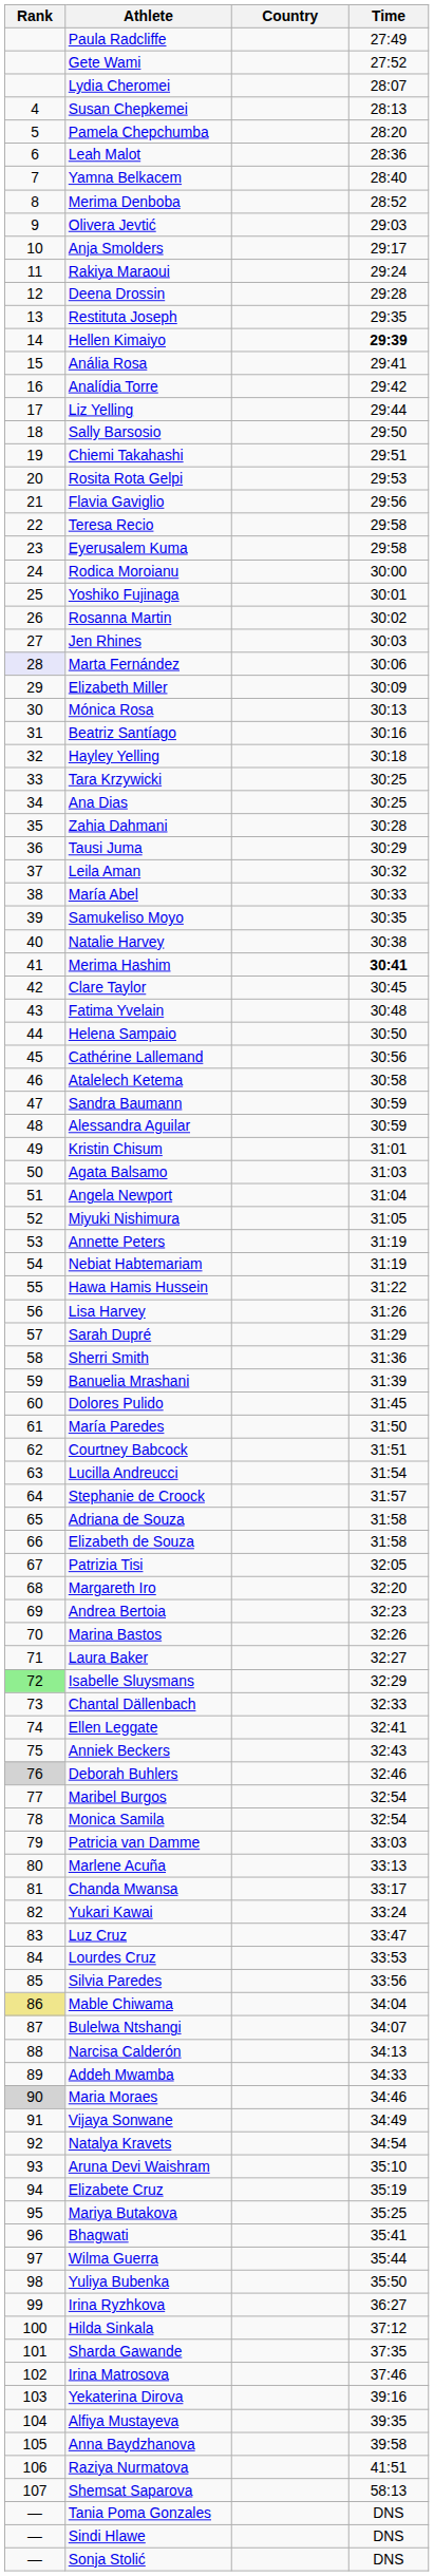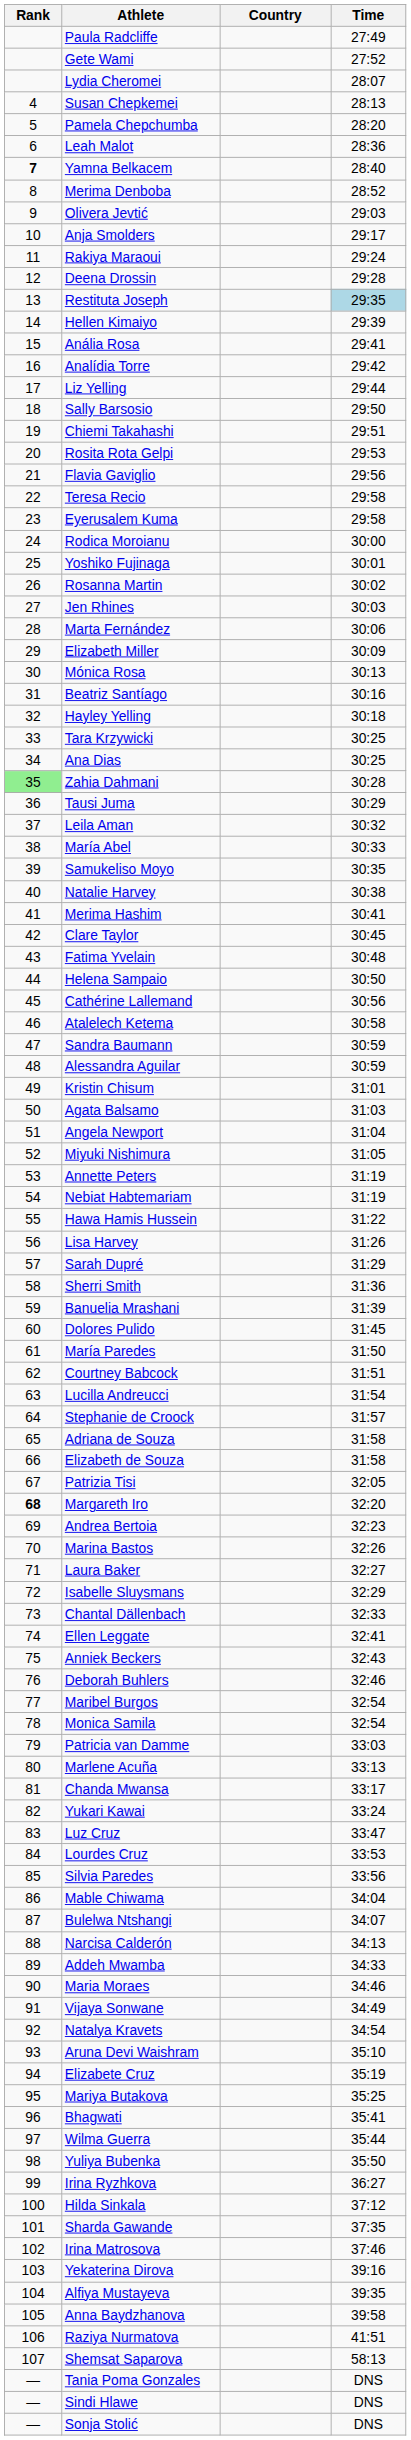 <table class="wikitable sortable" style=" text-align:center; font-size:95%;" width="50%">
 <tr>
 <th width=5%>Rank</th>
 <th width=20%>Athlete</th>
 <th width=15%>Country</th>
 <th width=10%>Time</th>
 </tr>
 <tr>
 <td align=center></td>
 <td align=left><a href='#'>Paula Radcliffe</a></td>
 <td align=left></td>
 <td>27:49</td>
 </tr>
 <tr>
 <td align=center></td>
 <td align=left><a href='#'>Gete Wami</a></td>
 <td align=left></td>
 <td>27:52</td>
 </tr>
 <tr>
 <td align=center></td>
 <td align=left><a href='#'>Lydia Cheromei</a></td>
 <td align=left></td>
 <td>28:07</td>
 </tr>
 <tr>
 <td align=center>4</td>
 <td align=left><a href='#'>Susan Chepkemei</a></td>
 <td align=left></td>
 <td>28:13</td>
 </tr>
 <tr>
 <td align=center>5</td>
 <td align=left><a href='#'>Pamela Chepchumba</a></td>
 <td align=left></td>
 <td>28:20</td>
 </tr>
 <tr>
 <td align=center>6</td>
 <td align=left><a href='#'>Leah Malot</a></td>
 <td align=left></td>
 <td>28:36</td>
 </tr>
 <tr>
-<td align=center>7</td>
+<td align=center><strong>7</strong></td>
 <td align=left><a href='#'>Yamna Belkacem</a></td>
 <td align=left></td>
 <td>28:40</td>
 </tr>
 <tr>
 <td align=center>8</td>
 <td align=left><a href='#'>Merima Denboba</a></td>
 <td align=left></td>
 <td>28:52</td>
 </tr>
 <tr>
 <td align=center>9</td>
 <td align=left><a href='#'>Olivera Jevtić</a></td>
 <td align=left></td>
 <td>29:03</td>
 </tr>
 <tr>
 <td align=center>10</td>
 <td align=left><a href='#'>Anja Smolders</a></td>
 <td align=left></td>
 <td>29:17</td>
 </tr>
 <tr>
 <td align=center>11</td>
 <td align=left><a href='#'>Rakiya Maraoui</a></td>
 <td align=left></td>
 <td>29:24</td>
 </tr>
 <tr>
 <td align=center>12</td>
 <td align=left><a href='#'>Deena Drossin</a></td>
 <td align=left></td>
 <td>29:28</td>
 </tr>
 <tr>
 <td align=center>13</td>
 <td align=left><a href='#'>Restituta Joseph</a></td>
 <td align=left></td>
-<td>29:35</td>
+<td style="background: lightblue;">29:35</td>
 </tr>
 <tr>
 <td align=center>14</td>
 <td align=left><a href='#'>Hellen Kimaiyo</a></td>
 <td align=left></td>
-<td><strong>29:39</strong></td>
+<td>29:39</td>
 </tr>
 <tr>
 <td align=center>15</td>
 <td align=left><a href='#'>Anália Rosa</a></td>
 <td align=left></td>
 <td>29:41</td>
 </tr>
 <tr>
 <td align=center>16</td>
 <td align=left><a href='#'>Analídia Torre</a></td>
 <td align=left></td>
 <td>29:42</td>
 </tr>
 <tr>
 <td align=center>17</td>
 <td align=left><a href='#'>Liz Yelling</a></td>
 <td align=left></td>
 <td>29:44</td>
 </tr>
 <tr>
 <td align=center>18</td>
 <td align=left><a href='#'>Sally Barsosio</a></td>
 <td align=left></td>
 <td>29:50</td>
 </tr>
 <tr>
 <td align=center>19</td>
 <td align=left><a href='#'>Chiemi Takahashi</a></td>
 <td align=left></td>
 <td>29:51</td>
 </tr>
 <tr>
 <td align=center>20</td>
 <td align=left><a href='#'>Rosita Rota Gelpi</a></td>
 <td align=left></td>
 <td>29:53</td>
 </tr>
 <tr>
 <td align=center>21</td>
 <td align=left><a href='#'>Flavia Gaviglio</a></td>
 <td align=left></td>
 <td>29:56</td>
 </tr>
 <tr>
 <td align=center>22</td>
 <td align=left><a href='#'>Teresa Recio</a></td>
 <td align=left></td>
 <td>29:58</td>
 </tr>
 <tr>
 <td align=center>23</td>
 <td align=left><a href='#'>Eyerusalem Kuma</a></td>
 <td align=left></td>
 <td>29:58</td>
 </tr>
 <tr>
 <td align=center>24</td>
 <td align=left><a href='#'>Rodica Moroianu</a></td>
 <td align=left></td>
 <td>30:00</td>
 </tr>
 <tr>
 <td align=center>25</td>
 <td align=left><a href='#'>Yoshiko Fujinaga</a></td>
 <td align=left></td>
 <td>30:01</td>
 </tr>
 <tr>
 <td align=center>26</td>
 <td align=left><a href='#'>Rosanna Martin</a></td>
 <td align=left></td>
 <td>30:02</td>
 </tr>
 <tr>
 <td align=center>27</td>
 <td align=left><a href='#'>Jen Rhines</a></td>
 <td align=left></td>
 <td>30:03</td>
 </tr>
 <tr>
-<td align=center style="background: lavender;">28</td>
+<td align=center>28</td>
 <td align=left><a href='#'>Marta Fernández</a></td>
 <td align=left></td>
 <td>30:06</td>
 </tr>
 <tr>
 <td align=center>29</td>
 <td align=left><a href='#'>Elizabeth Miller</a></td>
 <td align=left></td>
 <td>30:09</td>
 </tr>
 <tr>
 <td align=center>30</td>
 <td align=left><a href='#'>Mónica Rosa</a></td>
 <td align=left></td>
 <td>30:13</td>
 </tr>
 <tr>
 <td align=center>31</td>
 <td align=left><a href='#'>Beatriz Santíago</a></td>
 <td align=left></td>
 <td>30:16</td>
 </tr>
 <tr>
 <td align=center>32</td>
 <td align=left><a href='#'>Hayley Yelling</a></td>
 <td align=left></td>
 <td>30:18</td>
 </tr>
 <tr>
 <td align=center>33</td>
 <td align=left><a href='#'>Tara Krzywicki</a></td>
 <td align=left></td>
 <td>30:25</td>
 </tr>
 <tr>
 <td align=center>34</td>
 <td align=left><a href='#'>Ana Dias</a></td>
 <td align=left></td>
 <td>30:25</td>
 </tr>
 <tr>
-<td align=center>35</td>
+<td align=center style="background: lightgreen;">35</td>
 <td align=left><a href='#'>Zahia Dahmani</a></td>
 <td align=left></td>
 <td>30:28</td>
 </tr>
 <tr>
 <td align=center>36</td>
 <td align=left><a href='#'>Tausi Juma</a></td>
 <td align=left></td>
 <td>30:29</td>
 </tr>
 <tr>
 <td align=center>37</td>
 <td align=left><a href='#'>Leila Aman</a></td>
 <td align=left></td>
 <td>30:32</td>
 </tr>
 <tr>
 <td align=center>38</td>
 <td align=left><a href='#'>María Abel</a></td>
 <td align=left></td>
 <td>30:33</td>
 </tr>
 <tr>
 <td align=center>39</td>
 <td align=left><a href='#'>Samukeliso Moyo</a></td>
 <td align=left></td>
 <td>30:35</td>
 </tr>
 <tr>
 <td align=center>40</td>
 <td align=left><a href='#'>Natalie Harvey</a></td>
 <td align=left></td>
 <td>30:38</td>
 </tr>
 <tr>
 <td align=center>41</td>
 <td align=left><a href='#'>Merima Hashim</a></td>
 <td align=left></td>
-<td><strong>30:41</strong></td>
+<td>30:41</td>
 </tr>
 <tr>
 <td align=center>42</td>
 <td align=left><a href='#'>Clare Taylor</a></td>
 <td align=left></td>
 <td>30:45</td>
 </tr>
 <tr>
 <td align=center>43</td>
 <td align=left><a href='#'>Fatima Yvelain</a></td>
 <td align=left></td>
 <td>30:48</td>
 </tr>
 <tr>
 <td align=center>44</td>
 <td align=left><a href='#'>Helena Sampaio</a></td>
 <td align=left></td>
 <td>30:50</td>
 </tr>
 <tr>
 <td align=center>45</td>
 <td align=left><a href='#'>Cathérine Lallemand</a></td>
 <td align=left></td>
 <td>30:56</td>
 </tr>
 <tr>
 <td align=center>46</td>
 <td align=left><a href='#'>Atalelech Ketema</a></td>
 <td align=left></td>
 <td>30:58</td>
 </tr>
 <tr>
 <td align=center>47</td>
 <td align=left><a href='#'>Sandra Baumann</a></td>
 <td align=left></td>
 <td>30:59</td>
 </tr>
 <tr>
 <td align=center>48</td>
 <td align=left><a href='#'>Alessandra Aguilar</a></td>
 <td align=left></td>
 <td>30:59</td>
 </tr>
 <tr>
 <td align=center>49</td>
 <td align=left><a href='#'>Kristin Chisum</a></td>
 <td align=left></td>
 <td>31:01</td>
 </tr>
 <tr>
 <td align=center>50</td>
 <td align=left><a href='#'>Agata Balsamo</a></td>
 <td align=left></td>
 <td>31:03</td>
 </tr>
 <tr>
 <td align=center>51</td>
 <td align=left><a href='#'>Angela Newport</a></td>
 <td align=left></td>
 <td>31:04</td>
 </tr>
 <tr>
 <td align=center>52</td>
 <td align=left><a href='#'>Miyuki Nishimura</a></td>
 <td align=left></td>
 <td>31:05</td>
 </tr>
 <tr>
 <td align=center>53</td>
 <td align=left><a href='#'>Annette Peters</a></td>
 <td align=left></td>
 <td>31:19</td>
 </tr>
 <tr>
 <td align=center>54</td>
 <td align=left><a href='#'>Nebiat Habtemariam</a></td>
 <td align=left></td>
 <td>31:19</td>
 </tr>
 <tr>
 <td align=center>55</td>
 <td align=left><a href='#'>Hawa Hamis Hussein</a></td>
 <td align=left></td>
 <td>31:22</td>
 </tr>
 <tr>
 <td align=center>56</td>
 <td align=left><a href='#'>Lisa Harvey</a></td>
 <td align=left></td>
 <td>31:26</td>
 </tr>
 <tr>
 <td align=center>57</td>
 <td align=left><a href='#'>Sarah Dupré</a></td>
 <td align=left></td>
 <td>31:29</td>
 </tr>
 <tr>
 <td align=center>58</td>
 <td align=left><a href='#'>Sherri Smith</a></td>
 <td align=left></td>
 <td>31:36</td>
 </tr>
 <tr>
 <td align=center>59</td>
 <td align=left><a href='#'>Banuelia Mrashani</a></td>
 <td align=left></td>
 <td>31:39</td>
 </tr>
 <tr>
 <td align=center>60</td>
 <td align=left><a href='#'>Dolores Pulido</a></td>
 <td align=left></td>
 <td>31:45</td>
 </tr>
 <tr>
 <td align=center>61</td>
 <td align=left><a href='#'>María Paredes</a></td>
 <td align=left></td>
 <td>31:50</td>
 </tr>
 <tr>
 <td align=center>62</td>
 <td align=left><a href='#'>Courtney Babcock</a></td>
 <td align=left></td>
 <td>31:51</td>
 </tr>
 <tr>
 <td align=center>63</td>
 <td align=left><a href='#'>Lucilla Andreucci</a></td>
 <td align=left></td>
 <td>31:54</td>
 </tr>
 <tr>
 <td align=center>64</td>
 <td align=left><a href='#'>Stephanie de Croock</a></td>
 <td align=left></td>
 <td>31:57</td>
 </tr>
 <tr>
 <td align=center>65</td>
 <td align=left><a href='#'>Adriana de Souza</a></td>
 <td align=left></td>
 <td>31:58</td>
 </tr>
 <tr>
 <td align=center>66</td>
 <td align=left><a href='#'>Elizabeth de Souza</a></td>
 <td align=left></td>
 <td>31:58</td>
 </tr>
 <tr>
 <td align=center>67</td>
 <td align=left><a href='#'>Patrizia Tisi</a></td>
 <td align=left></td>
 <td>32:05</td>
 </tr>
 <tr>
-<td align=center>68</td>
+<td align=center><strong>68</strong></td>
 <td align=left><a href='#'>Margareth Iro</a></td>
 <td align=left></td>
 <td>32:20</td>
 </tr>
 <tr>
 <td align=center>69</td>
 <td align=left><a href='#'>Andrea Bertoia</a></td>
 <td align=left></td>
 <td>32:23</td>
 </tr>
 <tr>
 <td align=center>70</td>
 <td align=left><a href='#'>Marina Bastos</a></td>
 <td align=left></td>
 <td>32:26</td>
 </tr>
 <tr>
 <td align=center>71</td>
 <td align=left><a href='#'>Laura Baker</a></td>
 <td align=left></td>
 <td>32:27</td>
 </tr>
 <tr>
-<td align=center style="background: lightgreen;">72</td>
+<td align=center>72</td>
 <td align=left><a href='#'>Isabelle Sluysmans</a></td>
 <td align=left></td>
 <td>32:29</td>
 </tr>
 <tr>
 <td align=center>73</td>
 <td align=left><a href='#'>Chantal Dällenbach</a></td>
 <td align=left></td>
 <td>32:33</td>
 </tr>
 <tr>
 <td align=center>74</td>
 <td align=left><a href='#'>Ellen Leggate</a></td>
 <td align=left></td>
 <td>32:41</td>
 </tr>
 <tr>
 <td align=center>75</td>
 <td align=left><a href='#'>Anniek Beckers</a></td>
 <td align=left></td>
 <td>32:43</td>
 </tr>
 <tr>
-<td align=center style="background: lightgrey;">76</td>
+<td align=center>76</td>
 <td align=left><a href='#'>Deborah Buhlers</a></td>
 <td align=left></td>
 <td>32:46</td>
 </tr>
 <tr>
 <td align=center>77</td>
 <td align=left><a href='#'>Maribel Burgos</a></td>
 <td align=left></td>
 <td>32:54</td>
 </tr>
 <tr>
 <td align=center>78</td>
 <td align=left><a href='#'>Monica Samila</a></td>
 <td align=left></td>
 <td>32:54</td>
 </tr>
 <tr>
 <td align=center>79</td>
 <td align=left><a href='#'>Patricia van Damme</a></td>
 <td align=left></td>
 <td>33:03</td>
 </tr>
 <tr>
 <td align=center>80</td>
 <td align=left><a href='#'>Marlene Acuña</a></td>
 <td align=left></td>
 <td>33:13</td>
 </tr>
 <tr>
 <td align=center>81</td>
 <td align=left><a href='#'>Chanda Mwansa</a></td>
 <td align=left></td>
 <td>33:17</td>
 </tr>
 <tr>
 <td align=center>82</td>
 <td align=left><a href='#'>Yukari Kawai</a></td>
 <td align=left></td>
 <td>33:24</td>
 </tr>
 <tr>
 <td align=center>83</td>
 <td align=left><a href='#'>Luz Cruz</a></td>
 <td align=left></td>
 <td>33:47</td>
 </tr>
 <tr>
 <td align=center>84</td>
 <td align=left><a href='#'>Lourdes Cruz</a></td>
 <td align=left></td>
 <td>33:53</td>
 </tr>
 <tr>
 <td align=center>85</td>
 <td align=left><a href='#'>Silvia Paredes</a></td>
 <td align=left></td>
 <td>33:56</td>
 </tr>
 <tr>
-<td align=center style="background: khaki;">86</td>
+<td align=center>86</td>
 <td align=left><a href='#'>Mable Chiwama</a></td>
 <td align=left></td>
 <td>34:04</td>
 </tr>
 <tr>
 <td align=center>87</td>
 <td align=left><a href='#'>Bulelwa Ntshangi</a></td>
 <td align=left></td>
 <td>34:07</td>
 </tr>
 <tr>
 <td align=center>88</td>
 <td align=left><a href='#'>Narcisa Calderón</a></td>
 <td align=left></td>
 <td>34:13</td>
 </tr>
 <tr>
 <td align=center>89</td>
 <td align=left><a href='#'>Addeh Mwamba</a></td>
 <td align=left></td>
 <td>34:33</td>
 </tr>
 <tr>
-<td align=center style="background: lightgrey;">90</td>
+<td align=center>90</td>
 <td align=left><a href='#'>Maria Moraes</a></td>
 <td align=left></td>
 <td>34:46</td>
 </tr>
 <tr>
 <td align=center>91</td>
 <td align=left><a href='#'>Vijaya Sonwane</a></td>
 <td align=left></td>
 <td>34:49</td>
 </tr>
 <tr>
 <td align=center>92</td>
 <td align=left><a href='#'>Natalya Kravets</a></td>
 <td align=left></td>
 <td>34:54</td>
 </tr>
 <tr>
 <td align=center>93</td>
 <td align=left><a href='#'>Aruna Devi Waishram</a></td>
 <td align=left></td>
 <td>35:10</td>
 </tr>
 <tr>
 <td align=center>94</td>
 <td align=left><a href='#'>Elizabete Cruz</a></td>
 <td align=left></td>
 <td>35:19</td>
 </tr>
 <tr>
 <td align=center>95</td>
 <td align=left><a href='#'>Mariya Butakova</a></td>
 <td align=left></td>
 <td>35:25</td>
 </tr>
 <tr>
 <td align=center>96</td>
 <td align=left><a href='#'>Bhagwati</a></td>
 <td align=left></td>
 <td>35:41</td>
 </tr>
 <tr>
 <td align=center>97</td>
 <td align=left><a href='#'>Wilma Guerra</a></td>
 <td align=left></td>
 <td>35:44</td>
 </tr>
 <tr>
 <td align=center>98</td>
 <td align=left><a href='#'>Yuliya Bubenka</a></td>
 <td align=left></td>
 <td>35:50</td>
 </tr>
 <tr>
 <td align=center>99</td>
 <td align=left><a href='#'>Irina Ryzhkova</a></td>
 <td align=left></td>
 <td>36:27</td>
 </tr>
 <tr>
 <td align=center>100</td>
 <td align=left><a href='#'>Hilda Sinkala</a></td>
 <td align=left></td>
 <td>37:12</td>
 </tr>
 <tr>
 <td align=center>101</td>
 <td align=left><a href='#'>Sharda Gawande</a></td>
 <td align=left></td>
 <td>37:35</td>
 </tr>
 <tr>
 <td align=center>102</td>
 <td align=left><a href='#'>Irina Matrosova</a></td>
 <td align=left></td>
 <td>37:46</td>
 </tr>
 <tr>
 <td align=center>103</td>
 <td align=left><a href='#'>Yekaterina Dirova</a></td>
 <td align=left></td>
 <td>39:16</td>
 </tr>
 <tr>
 <td align=center>104</td>
 <td align=left><a href='#'>Alfiya Mustayeva</a></td>
 <td align=left></td>
 <td>39:35</td>
 </tr>
 <tr>
 <td align=center>105</td>
 <td align=left><a href='#'>Anna Baydzhanova</a></td>
 <td align=left></td>
 <td>39:58</td>
 </tr>
 <tr>
 <td align=center>106</td>
 <td align=left><a href='#'>Raziya Nurmatova</a></td>
 <td align=left></td>
 <td>41:51</td>
 </tr>
 <tr>
 <td align=center>107</td>
 <td align=left><a href='#'>Shemsat Saparova</a></td>
 <td align=left></td>
 <td>58:13</td>
 </tr>
 <tr>
 <td align=center>—</td>
 <td align=left><a href='#'>Tania Poma Gonzales</a></td>
 <td align=left></td>
 <td>DNS</td>
 </tr>
 <tr>
 <td align=center>—</td>
 <td align=left><a href='#'>Sindi Hlawe</a></td>
 <td align=left></td>
 <td>DNS</td>
 </tr>
 <tr>
 <td align=center>—</td>
 <td align=left><a href='#'>Sonja Stolić</a></td>
 <td align=left></td>
 <td>DNS</td>
 </tr>
 </table>
